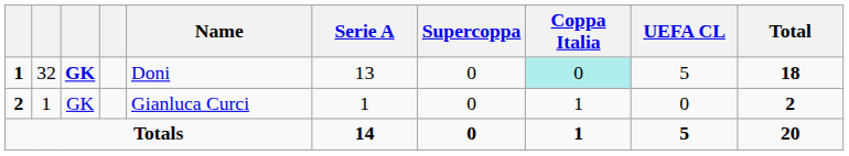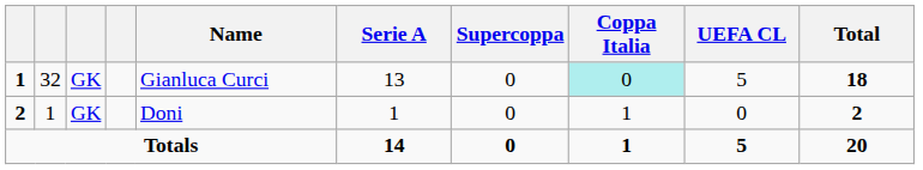 <table class="wikitable" style="text-align:center">
 <tr>
 <th width=15></th>
 <th width=15></th>
 <th width=15></th>
 <th width=15></th>
 <th width=145>Name</th>
 <th width=80><strong><a href='#'>Serie A</a></strong></th>
 <th width=80><strong><a href='#'>Supercoppa</a></strong></th>
 <th width=80><strong><a href='#'>Coppa Italia</a></strong></th>
 <th width=80><strong><a href='#'>UEFA CL</a></strong></th>
 <th width=80>Total</th>
 </tr>
 <tr>
 <td><strong>1</strong></td>
 <td>32</td>
-<td><strong><a href='#'>GK</a></strong></td>
+<td><a href='#'>GK</a></td>
 <td></td>
-<td align=left><a href='#'>Doni</a></td>
+<td align=left><a href='#'>Gianluca Curci</a></td>
 <td>13</td>
 <td>0</td>
 <td style="background: paleturquoise;">0</td>
 <td>5</td>
 <td><strong>18</strong></td>
 </tr>
 <tr>
 <td><strong>2</strong></td>
 <td>1</td>
 <td><a href='#'>GK</a></td>
 <td></td>
-<td align=left><a href='#'>Gianluca Curci</a></td>
+<td align=left><a href='#'>Doni</a></td>
 <td>1</td>
 <td>0</td>
 <td>1</td>
 <td>0</td>
 <td><strong>2</strong></td>
 </tr>
 <tr>
 <td colspan=5><strong>Totals</strong></td>
 <td><strong>14</strong></td>
 <td><strong>0</strong></td>
 <td><strong>1</strong></td>
 <td><strong>5</strong></td>
 <td><strong>20</strong></td>
 </tr>
 </table>
